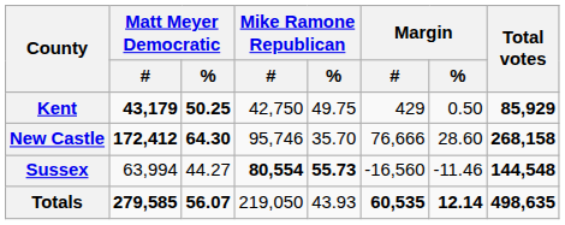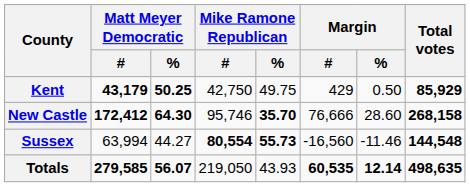 <table class="wikitable sortable" style="text-align:right;font-size:90%;line-height:1.3">
 <tr>
 <th rowspan="2">County</th>
 <th colspan="2"><a href='#'>Matt Meyer</a><br><a href='#'>Democratic</a></th>
 <th colspan="2"><a href='#'>Mike Ramone</a><br><a href='#'>Republican</a></th>
 <th colspan="2">Margin</th>
 <th rowspan="2">Total<br>votes</th>
 </tr>
 <tr>
 <th data-sort-type="number">#</th>
 <th data-sort-type="number">%</th>
 <th data-sort-type="number">#</th>
 <th data-sort-type="number">%</th>
 <th data-sort-type="number">#</th>
 <th data-sort-type="number">%</th>
 </tr>
 <tr>
 <th><a href='#'>Kent</a></th>
 <td><strong>43,179</strong></td>
 <td><strong>50.25</strong></td>
 <td>42,750</td>
 <td>49.75</td>
 <td>429</td>
 <td>0.50</td>
 <td><strong>85,929</strong></td>
 </tr>
 <tr>
 <th><a href='#'>New Castle</a></th>
 <td><strong>172,412</strong></td>
 <td><strong>64.30</strong></td>
 <td>95,746</td>
-<td>35.70</td>
+<td><strong>35.70</strong></td>
 <td>76,666</td>
 <td>28.60</td>
 <td><strong>268,158</strong></td>
 </tr>
 <tr>
 <th><a href='#'>Sussex</a></th>
 <td>63,994</td>
 <td>44.27</td>
 <td><strong>80,554</strong></td>
 <td><strong>55.73</strong></td>
 <td>-16,560</td>
 <td>-11.46</td>
 <td><strong>144,548</strong></td>
 </tr>
 <tr class="sortbottom">
 <th>Totals</th>
 <td><strong>279,585</strong></td>
 <td><strong>56.07</strong></td>
 <td>219,050</td>
 <td>43.93</td>
 <td><strong>60,535</strong></td>
 <td><strong>12.14</strong></td>
 <td><strong>498,635</strong></td>
 </tr>
 </table>
